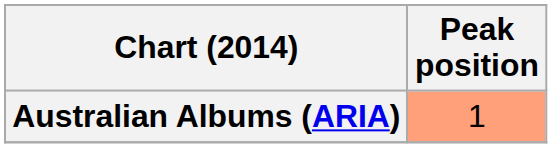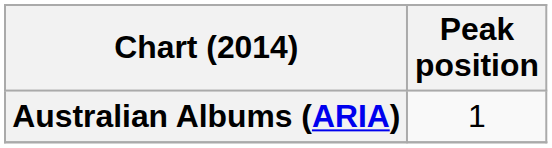 <table class="wikitable plainrowheaders" style="text-align:center;">
 <tr>
 <th scope="col">Chart (2014)</th>
 <th scope="col">Peak<br>position</th>
 </tr>
 <tr>
 <th scope="row">Australian Albums (<a href='#'>ARIA</a>)</th>
-<td style="background: lightsalmon;">1</td>
+<td>1</td>
 </tr>
 <tr>
 </tr>
 </table>
